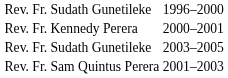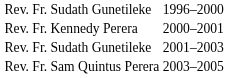 <table>
 <tr>
 <td>Rev. Fr. Sudath Gunetileke</td>
 <td>1996–2000</td>
 </tr>
 <tr>
 <td>Rev. Fr. Kennedy Perera</td>
 <td>2000–2001</td>
 </tr>
 <tr>
 <td>Rev. Fr. Sudath Gunetileke</td>
-<td>2003–2005</td>
+<td>2001–2003</td>
 </tr>
 <tr>
 <td>Rev. Fr. Sam Quintus Perera</td>
-<td>2001–2003</td>
+<td>2003–2005</td>
 </tr>
 <tr>
 </tr>
 </table>
